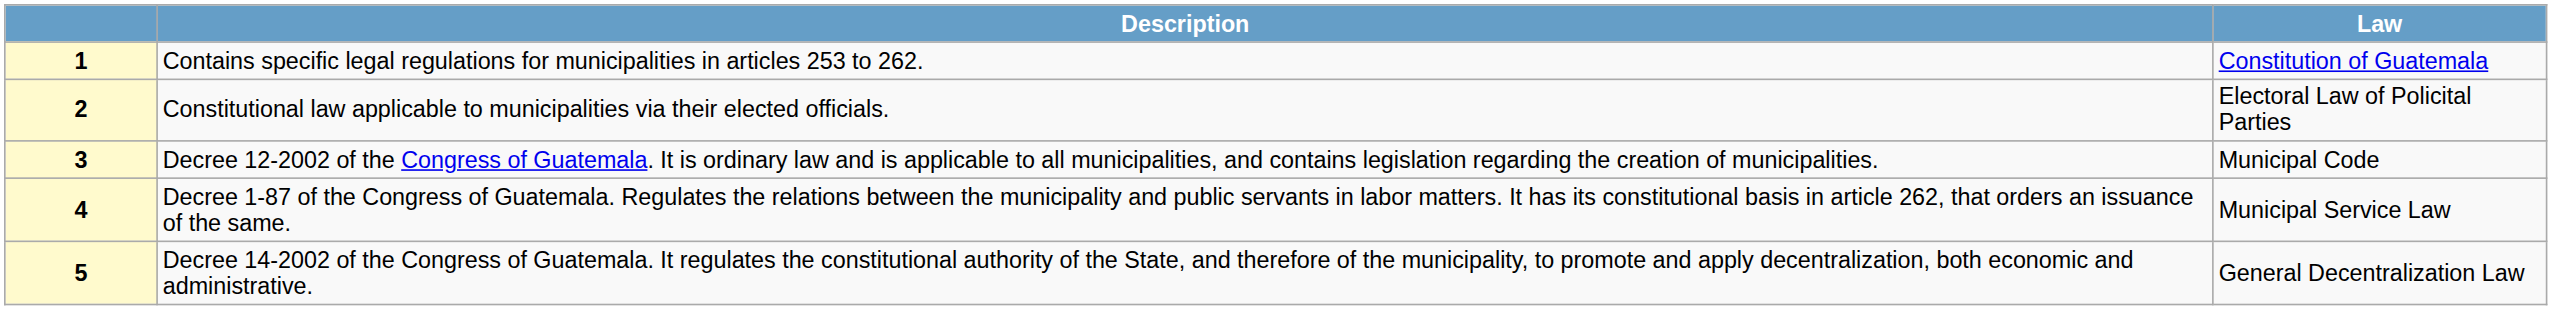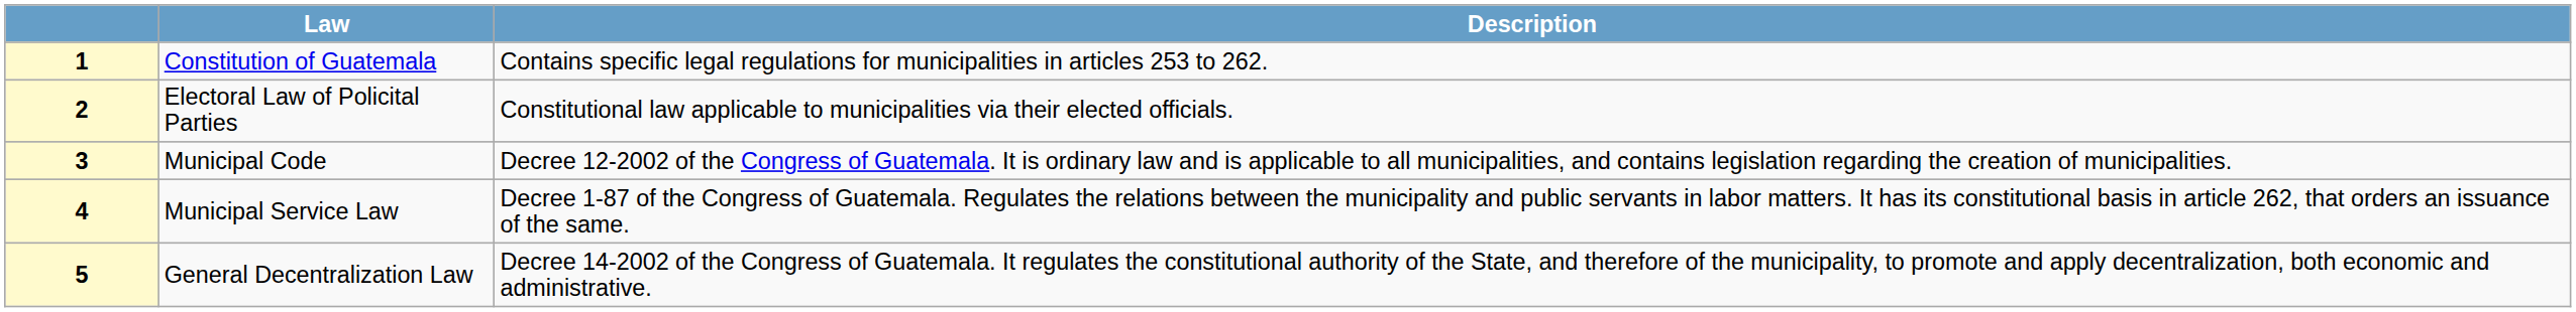 <table class="wikitable mw-collapsible" style='font-size:0.9em'>
 <tr style=color:white;>
 <th style="background:#659ec7;" align=center width=6%></th>
+<th style="background:#659ec7;" align=center>Law</th>
 <th style="background:#659ec7;" align=center>Description</th>
-<th style="background:#659ec7;" align=center>Law</th>
 </tr>
 <tr>
 <th style=background:lemonchiffon;>1</th>
+<td><a href='#'>Constitution of Guatemala</a></td>
 <td>Contains specific legal regulations for municipalities in articles 253 to 262.</td>
-<td><a href='#'>Constitution of Guatemala</a></td>
 </tr>
 <tr>
 <th style=background:lemonchiffon;>2</th>
+<td>Electoral Law of Policital Parties</td>
 <td>Constitutional law applicable to municipalities via their elected officials.</td>
-<td>Electoral Law of Policital Parties</td>
 </tr>
 <tr>
 <th style=background:lemonchiffon;>3</th>
+<td>Municipal Code</td>
 <td>Decree 12-2002 of the <a href='#'>Congress of Guatemala</a>. It is ordinary law and is applicable to all municipalities, and contains legislation regarding the creation of municipalities.</td>
-<td>Municipal Code</td>
 </tr>
 <tr>
 <th style=background:lemonchiffon;>4</th>
+<td>Municipal Service Law</td>
 <td>Decree 1-87 of the Congress of Guatemala. Regulates the relations between the municipality and public servants in labor matters. It has its constitutional basis in article 262, that orders an issuance of the same.</td>
-<td>Municipal Service Law</td>
 </tr>
 <tr>
 <th style=background:lemonchiffon;>5</th>
+<td>General Decentralization Law</td>
 <td>Decree 14-2002 of the Congress of Guatemala. It regulates the constitutional authority of the State, and therefore of the municipality, to promote and apply decentralization, both economic and administrative.</td>
-<td>General Decentralization Law</td>
 </tr>
 </table>
